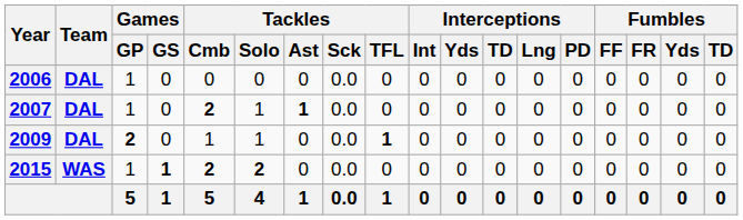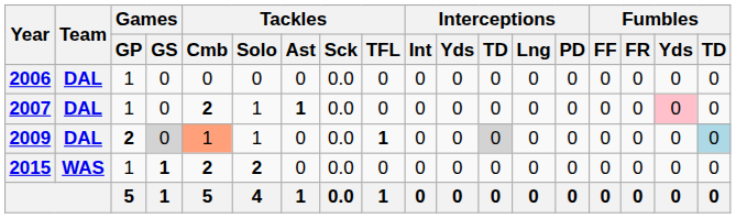 <table class="wikitable" style="text-align:center">
 <tr>
 <th rowspan="2">Year</th>
 <th rowspan="2">Team</th>
 <th colspan="2">Games</th>
 <th colspan="5">Tackles</th>
 <th colspan="5">Interceptions</th>
 <th colspan="4">Fumbles</th>
 </tr>
 <tr>
 <th>GP</th>
 <th>GS</th>
 <th>Cmb</th>
 <th>Solo</th>
 <th>Ast</th>
 <th>Sck</th>
 <th>TFL</th>
 <th>Int</th>
 <th>Yds</th>
 <th>TD</th>
 <th>Lng</th>
 <th>PD</th>
 <th>FF</th>
 <th>FR</th>
 <th>Yds</th>
 <th>TD</th>
 </tr>
 <tr>
 <th><a href='#'>2006</a></th>
 <th><a href='#'>DAL</a></th>
 <td>1</td>
 <td>0</td>
 <td>0</td>
 <td>0</td>
 <td>0</td>
 <td>0.0</td>
 <td>0</td>
 <td>0</td>
 <td>0</td>
 <td>0</td>
 <td>0</td>
 <td>0</td>
 <td>0</td>
 <td>0</td>
 <td>0</td>
 <td>0</td>
 </tr>
 <tr>
 <th><a href='#'>2007</a></th>
 <th><a href='#'>DAL</a></th>
 <td>1</td>
 <td>0</td>
 <td><strong>2</strong></td>
 <td>1</td>
 <td><strong>1</strong></td>
 <td>0.0</td>
 <td>0</td>
 <td>0</td>
 <td>0</td>
 <td>0</td>
 <td>0</td>
 <td>0</td>
 <td>0</td>
 <td>0</td>
-<td>0</td>
+<td style="background: pink;">0</td>
 <td>0</td>
 </tr>
 <tr>
 <th><a href='#'>2009</a></th>
 <th><a href='#'>DAL</a></th>
 <td><strong>2</strong></td>
-<td>0</td>
-<td>1</td>
+<td style="background: lightgrey;">0</td>
+<td style="background: lightsalmon;">1</td>
 <td>1</td>
 <td>0</td>
 <td>0.0</td>
 <td><strong>1</strong></td>
 <td>0</td>
 <td>0</td>
+<td style="background: lightgrey;">0</td>
 <td>0</td>
 <td>0</td>
 <td>0</td>
 <td>0</td>
 <td>0</td>
-<td>0</td>
-<td>0</td>
+<td style="background: lightblue;">0</td>
 </tr>
 <tr>
 <th><a href='#'>2015</a></th>
 <th><a href='#'>WAS</a></th>
 <td>1</td>
 <td><strong>1</strong></td>
 <td><strong>2</strong></td>
 <td><strong>2</strong></td>
 <td>0</td>
 <td>0.0</td>
 <td>0</td>
 <td>0</td>
 <td>0</td>
 <td>0</td>
 <td>0</td>
 <td>0</td>
 <td>0</td>
 <td>0</td>
 <td>0</td>
 <td>0</td>
 </tr>
 <tr>
 <th colspan="2"></th>
 <th>5</th>
 <th>1</th>
 <th>5</th>
 <th>4</th>
 <th>1</th>
 <th>0.0</th>
 <th>1</th>
 <th>0</th>
 <th>0</th>
 <th>0</th>
 <th>0</th>
 <th>0</th>
 <th>0</th>
 <th>0</th>
 <th>0</th>
 <th>0</th>
 </tr>
 </table>
